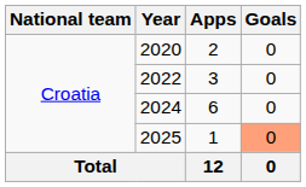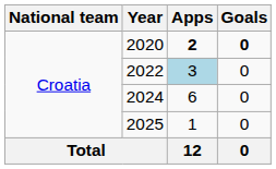 <table class=wikitable style="text-align: center">
 <tr>
 <th>National team</th>
 <th>Year</th>
 <th>Apps</th>
 <th>Goals</th>
 </tr>
 <tr>
 <td rowspan=4><a href='#'>Croatia</a></td>
 <td>2020</td>
-<td>2</td>
-<td>0</td>
+<td><strong>2</strong></td>
+<td><strong>0</strong></td>
 </tr>
 <tr>
 <td>2022</td>
-<td>3</td>
+<td style="background: lightblue;">3</td>
 <td>0</td>
 </tr>
 <tr>
 <td>2024</td>
 <td>6</td>
 <td>0</td>
 </tr>
 <tr>
 <td>2025</td>
 <td>1</td>
-<td style="background: lightsalmon;">0</td>
+<td>0</td>
 </tr>
 <tr>
 <th colspan=2>Total</th>
 <th>12</th>
 <th>0</th>
 </tr>
 </table>
